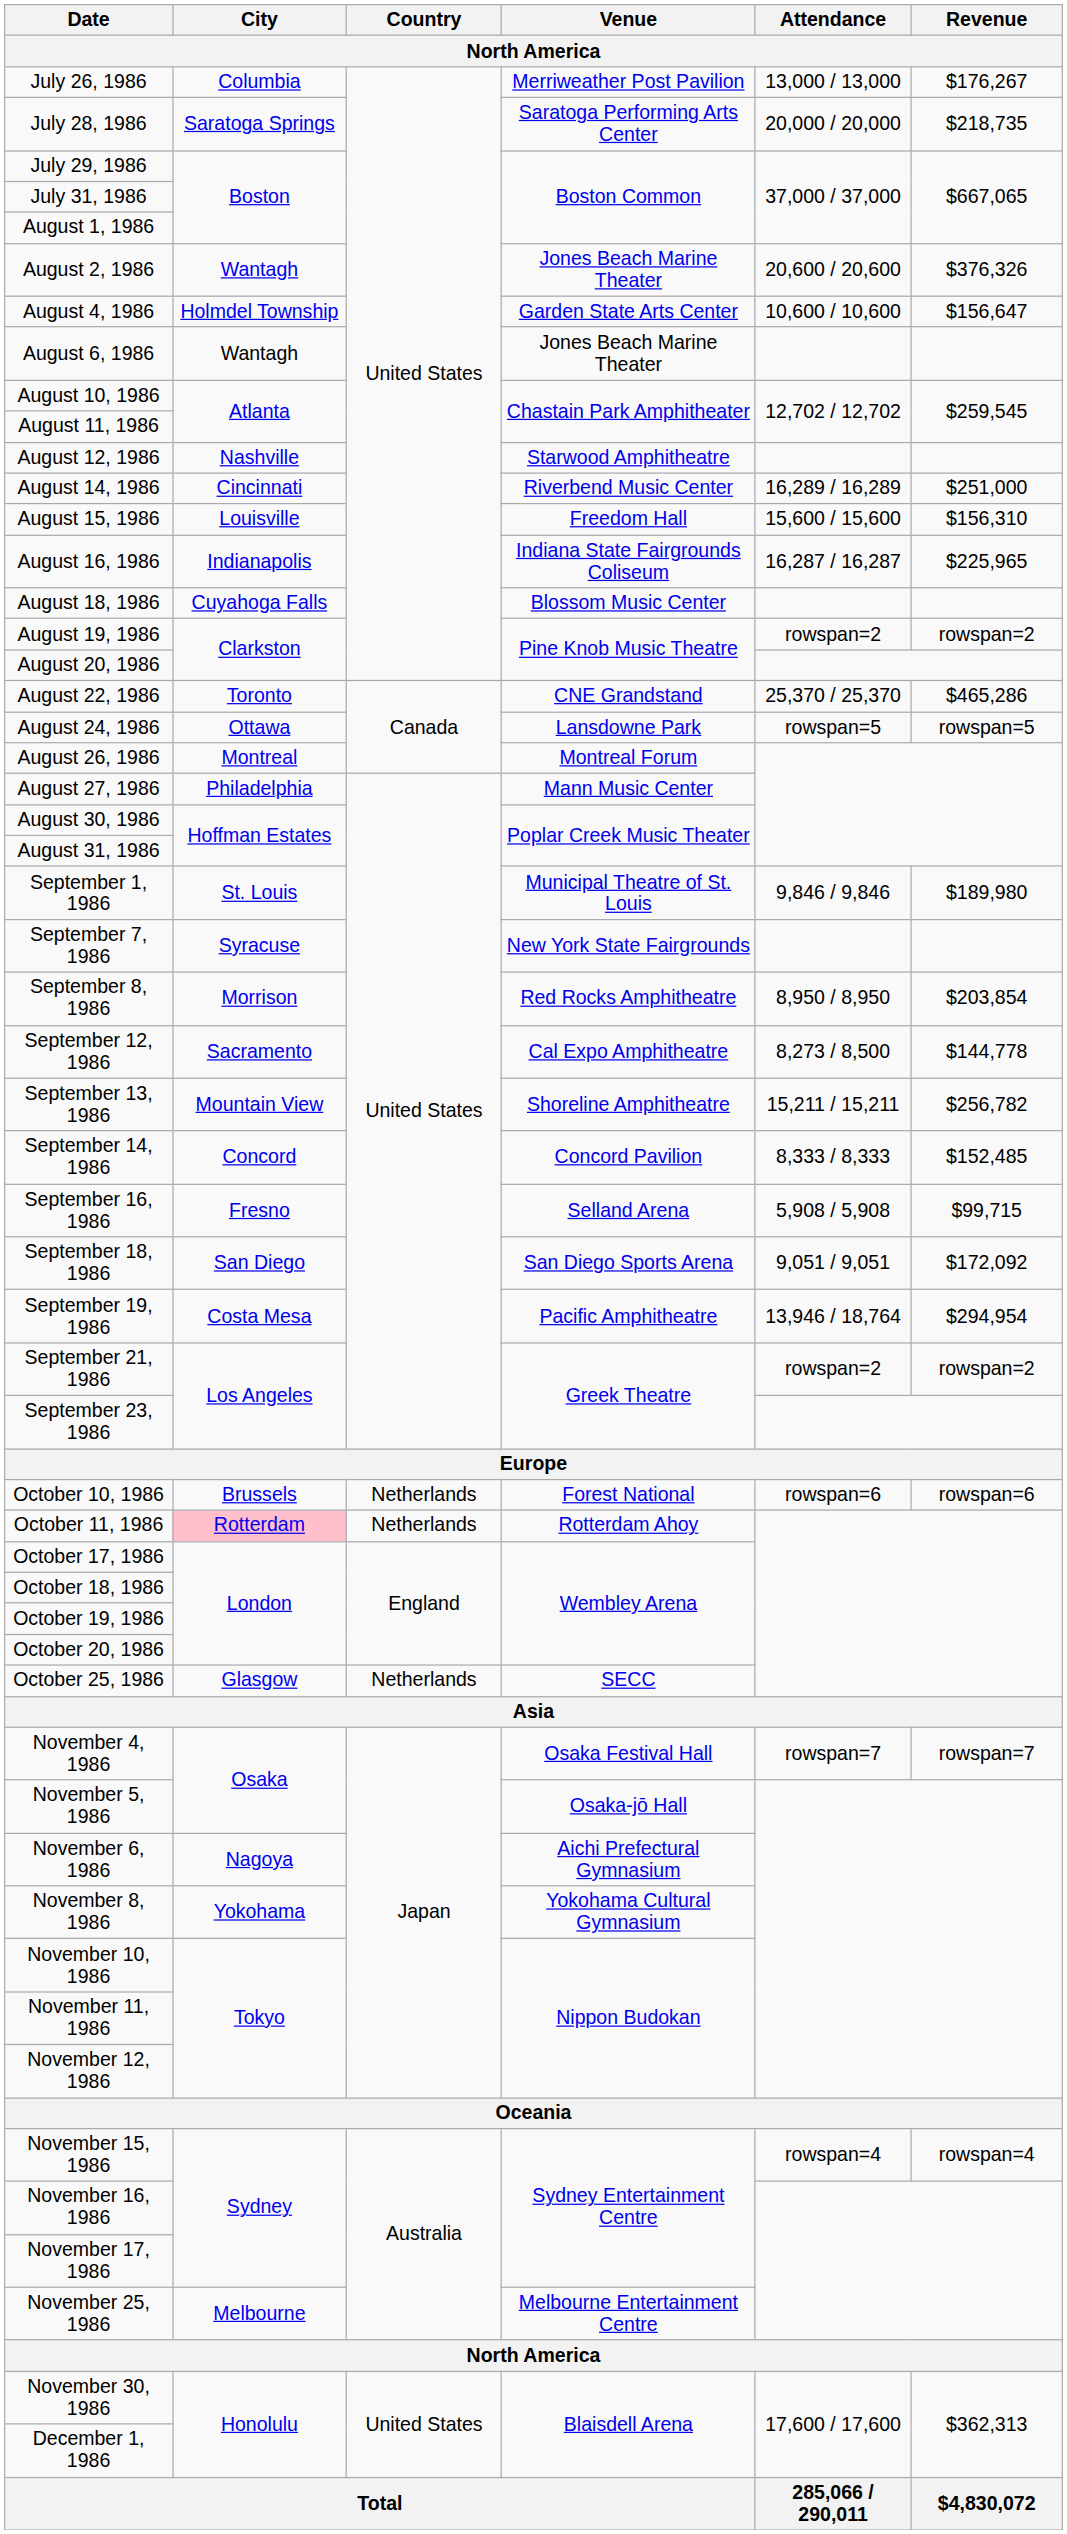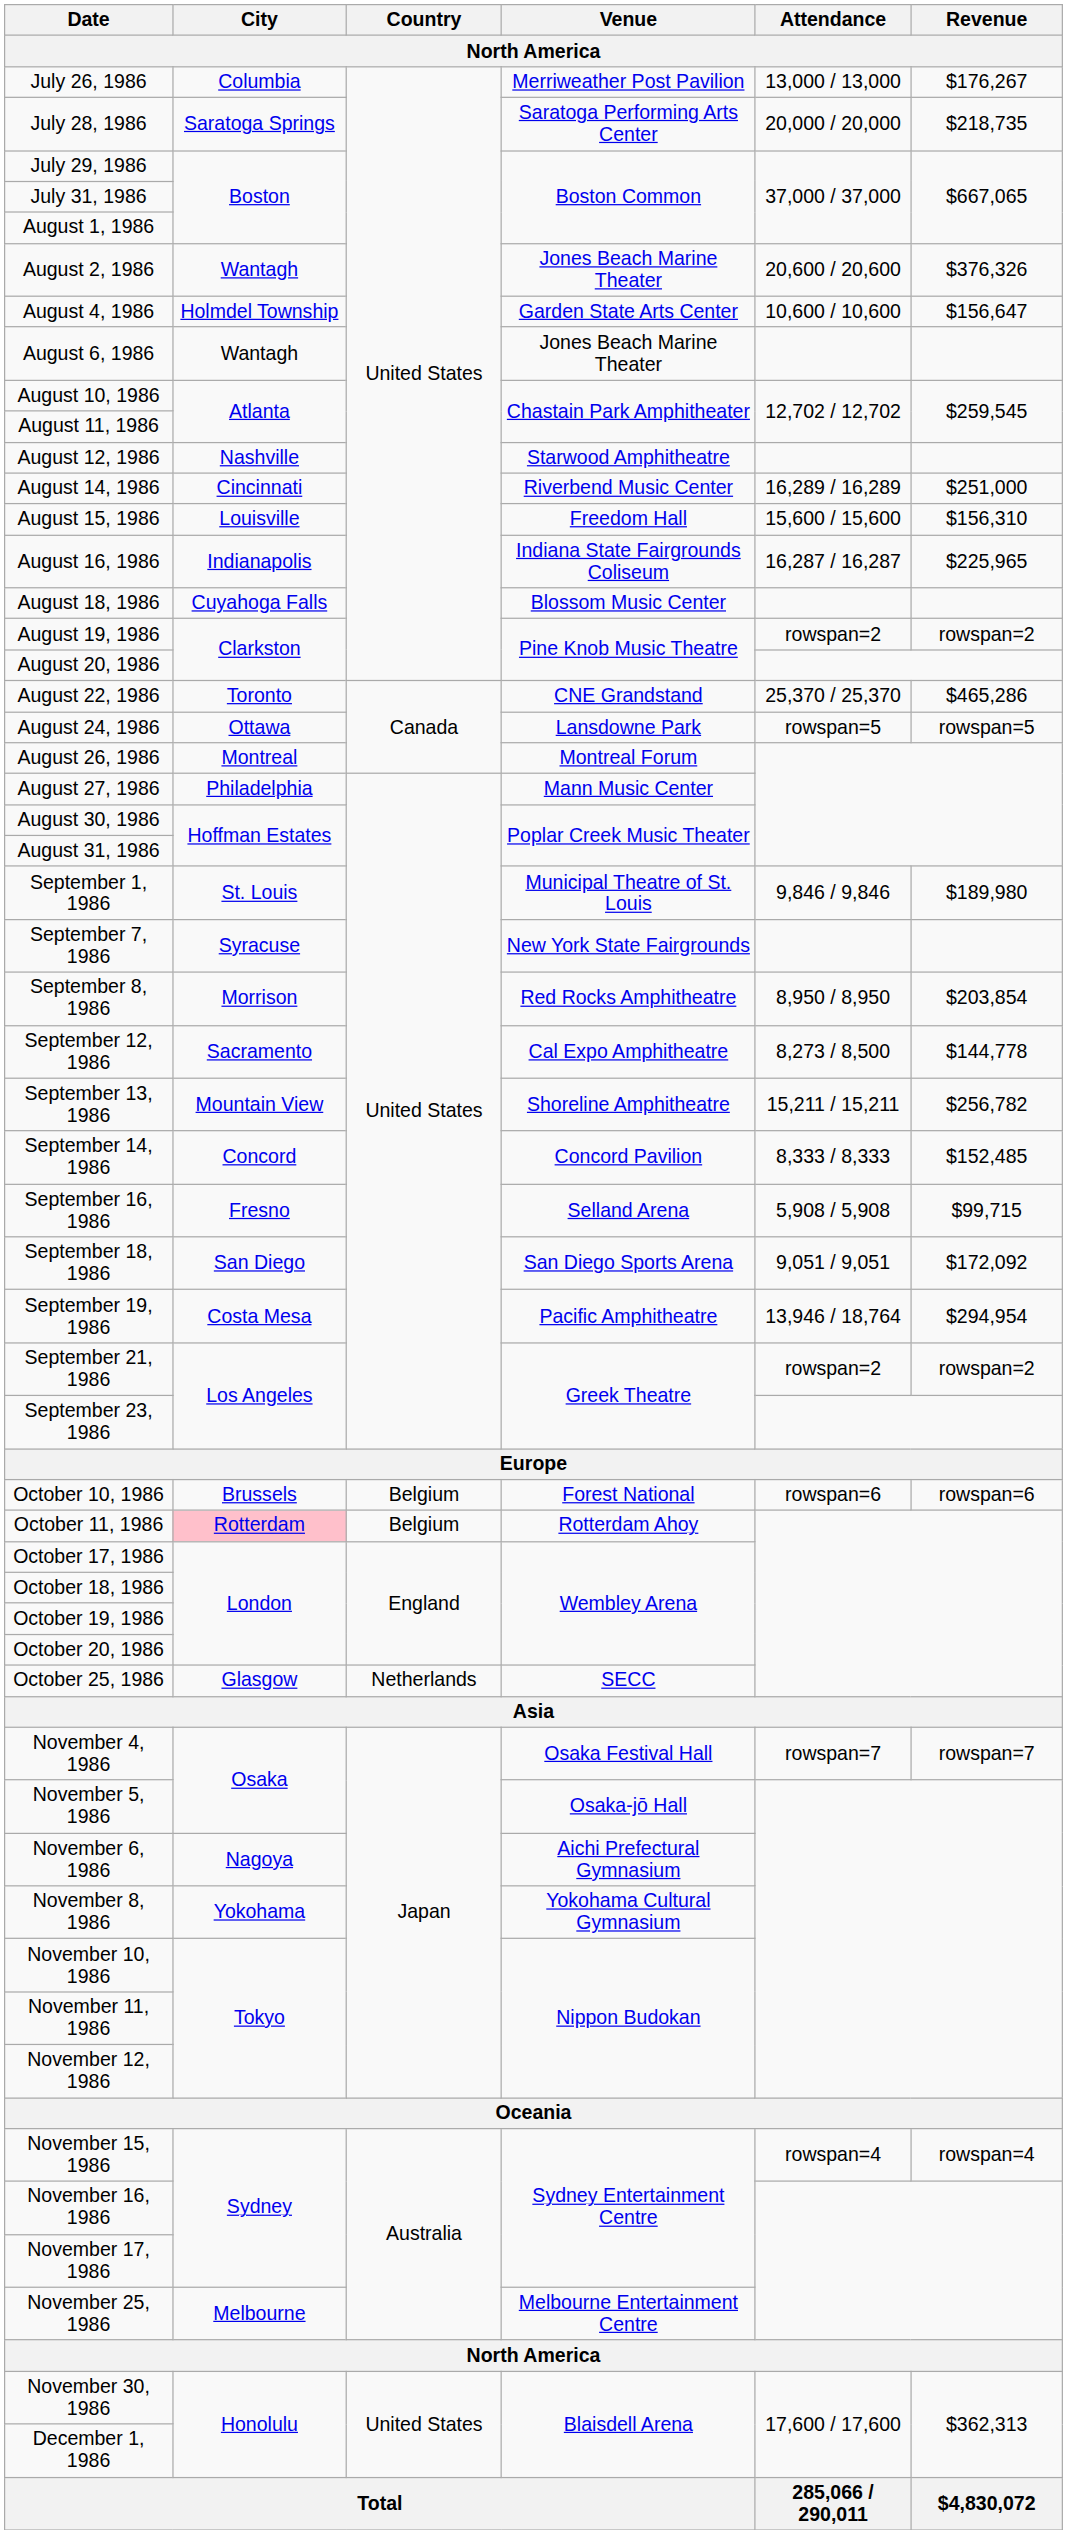 <table class="wikitable" style="text-align:center;">
 <tr>
 <th scope="col" style="width:12em;">Date</th>
 <th scope="col" style="width:12em;">City</th>
 <th scope="col" style="width:10em;">Country</th>
 <th scope="col" style="width:20em;">Venue</th>
 <th scope="col" style="width:10em;">Attendance</th>
 <th scope="col" style="width:10em;">Revenue</th>
 </tr>
 <tr>
 <th colspan="6">North America</th>
 </tr>
 <tr>
 <td>July 26, 1986</td>
 <td><a href='#'>Columbia</a></td>
 <td rowspan="17">United States</td>
 <td><a href='#'>Merriweather Post Pavilion</a></td>
 <td>13,000 / 13,000</td>
 <td>$176,267</td>
 </tr>
 <tr>
 <td>July 28, 1986</td>
 <td><a href='#'>Saratoga Springs</a></td>
 <td><a href='#'>Saratoga Performing Arts Center</a></td>
 <td>20,000 / 20,000</td>
 <td>$218,735</td>
 </tr>
 <tr>
 <td>July 29, 1986</td>
 <td rowspan="3"><a href='#'>Boston</a></td>
 <td rowspan="3"><a href='#'>Boston Common</a></td>
 <td rowspan=3>37,000 / 37,000</td>
 <td rowspan=3>$667,065</td>
 </tr>
 <tr>
 <td>July 31, 1986</td>
 </tr>
 <tr>
 <td>August 1, 1986</td>
 </tr>
 <tr>
 <td>August 2, 1986</td>
 <td><a href='#'>Wantagh</a></td>
 <td><a href='#'>Jones Beach Marine Theater</a></td>
 <td>20,600 / 20,600</td>
 <td>$376,326</td>
 </tr>
 <tr>
 <td>August 4, 1986</td>
 <td><a href='#'>Holmdel Township</a></td>
 <td><a href='#'>Garden State Arts Center</a></td>
 <td>10,600 / 10,600</td>
 <td>$156,647</td>
 </tr>
 <tr>
 <td>August 6, 1986</td>
 <td>Wantagh</td>
 <td>Jones Beach Marine Theater</td>
 <td></td>
 <td></td>
 </tr>
 <tr>
 <td>August 10, 1986</td>
 <td rowspan="2"><a href='#'>Atlanta</a></td>
 <td rowspan="2"><a href='#'>Chastain Park Amphitheater</a></td>
 <td rowspan=2>12,702 / 12,702</td>
 <td rowspan=2>$259,545</td>
 </tr>
 <tr>
 <td>August 11, 1986</td>
 </tr>
 <tr>
 <td>August 12, 1986</td>
 <td><a href='#'>Nashville</a></td>
 <td><a href='#'>Starwood Amphitheatre</a></td>
 <td></td>
 <td></td>
 </tr>
 <tr>
 <td>August 14, 1986</td>
 <td><a href='#'>Cincinnati</a></td>
 <td><a href='#'>Riverbend Music Center</a></td>
 <td>16,289 / 16,289</td>
 <td>$251,000</td>
 </tr>
 <tr>
 <td>August 15, 1986</td>
 <td><a href='#'>Louisville</a></td>
 <td><a href='#'>Freedom Hall</a></td>
 <td>15,600 / 15,600</td>
 <td>$156,310</td>
 </tr>
 <tr>
 <td>August 16, 1986</td>
 <td><a href='#'>Indianapolis</a></td>
 <td><a href='#'>Indiana State Fairgrounds Coliseum</a></td>
 <td>16,287 / 16,287</td>
 <td>$225,965</td>
 </tr>
 <tr>
 <td>August 18, 1986</td>
 <td><a href='#'>Cuyahoga Falls</a></td>
 <td><a href='#'>Blossom Music Center</a></td>
 <td></td>
 <td></td>
 </tr>
 <tr>
 <td>August 19, 1986</td>
 <td rowspan="2"><a href='#'>Clarkston</a></td>
 <td rowspan="2"><a href='#'>Pine Knob Music Theatre</a></td>
 <td>rowspan=2 </td>
 <td>rowspan=2 </td>
 </tr>
 <tr>
 <td>August 20, 1986</td>
 </tr>
 <tr>
 <td>August 22, 1986</td>
 <td><a href='#'>Toronto</a></td>
 <td rowspan="3">Canada</td>
 <td><a href='#'>CNE Grandstand</a></td>
 <td>25,370 / 25,370</td>
 <td>$465,286</td>
 </tr>
 <tr>
 <td>August 24, 1986</td>
 <td><a href='#'>Ottawa</a></td>
 <td><a href='#'>Lansdowne Park</a></td>
 <td>rowspan=5 </td>
 <td>rowspan=5 </td>
 </tr>
 <tr>
 <td>August 26, 1986</td>
 <td><a href='#'>Montreal</a></td>
 <td><a href='#'>Montreal Forum</a></td>
 </tr>
 <tr>
 <td>August 27, 1986</td>
 <td><a href='#'>Philadelphia</a></td>
 <td rowspan="14">United States</td>
 <td><a href='#'>Mann Music Center</a></td>
 </tr>
 <tr>
 <td>August 30, 1986</td>
 <td rowspan="2"><a href='#'>Hoffman Estates</a></td>
 <td rowspan="2"><a href='#'>Poplar Creek Music Theater</a></td>
 </tr>
 <tr>
 <td>August 31, 1986</td>
 </tr>
 <tr>
 <td>September 1, 1986</td>
 <td><a href='#'>St. Louis</a></td>
 <td><a href='#'>Municipal Theatre of St. Louis</a></td>
 <td>9,846 / 9,846</td>
 <td>$189,980</td>
 </tr>
 <tr>
 <td>September 7, 1986</td>
 <td><a href='#'>Syracuse</a></td>
 <td><a href='#'>New York State Fairgrounds</a></td>
 <td></td>
 <td></td>
 </tr>
 <tr>
 <td>September 8, 1986</td>
 <td><a href='#'>Morrison</a></td>
 <td><a href='#'>Red Rocks Amphitheatre</a></td>
 <td>8,950 / 8,950</td>
 <td>$203,854</td>
 </tr>
 <tr>
 <td>September 12, 1986</td>
 <td><a href='#'>Sacramento</a></td>
 <td><a href='#'>Cal Expo Amphitheatre</a></td>
 <td>8,273 / 8,500</td>
 <td>$144,778</td>
 </tr>
 <tr>
 <td>September 13, 1986</td>
 <td><a href='#'>Mountain View</a></td>
 <td><a href='#'>Shoreline Amphitheatre</a></td>
 <td>15,211 / 15,211</td>
 <td>$256,782</td>
 </tr>
 <tr>
 <td>September 14, 1986</td>
 <td><a href='#'>Concord</a></td>
 <td><a href='#'>Concord Pavilion</a></td>
 <td>8,333 / 8,333</td>
 <td>$152,485</td>
 </tr>
 <tr>
 <td>September 16, 1986</td>
 <td><a href='#'>Fresno</a></td>
 <td><a href='#'>Selland Arena</a></td>
 <td>5,908 / 5,908</td>
 <td>$99,715</td>
 </tr>
 <tr>
 <td>September 18, 1986</td>
 <td><a href='#'>San Diego</a></td>
 <td><a href='#'>San Diego Sports Arena</a></td>
 <td>9,051 / 9,051</td>
 <td>$172,092</td>
 </tr>
 <tr>
 <td>September 19, 1986</td>
 <td><a href='#'>Costa Mesa</a></td>
 <td><a href='#'>Pacific Amphitheatre</a></td>
 <td>13,946 / 18,764</td>
 <td>$294,954</td>
 </tr>
 <tr>
 <td>September 21, 1986</td>
 <td rowspan="2"><a href='#'>Los Angeles</a></td>
 <td rowspan="2"><a href='#'>Greek Theatre</a></td>
 <td>rowspan=2 </td>
 <td>rowspan=2 </td>
 </tr>
 <tr>
 <td>September 23, 1986</td>
 </tr>
 <tr>
 <th colspan="7">Europe</th>
 </tr>
 <tr>
 <td>October 10, 1986</td>
 <td><a href='#'>Brussels</a></td>
-<td>Netherlands</td>
+<td>Belgium</td>
 <td><a href='#'>Forest National</a></td>
 <td>rowspan=6 </td>
 <td>rowspan=6 </td>
 </tr>
 <tr>
 <td>October 11, 1986</td>
 <td style="background: pink;"><a href='#'>Rotterdam</a></td>
-<td>Netherlands</td>
+<td>Belgium</td>
 <td><a href='#'>Rotterdam Ahoy</a></td>
 </tr>
 <tr>
 <td>October 17, 1986</td>
 <td rowspan="4"><a href='#'>London</a></td>
 <td rowspan="4">England</td>
 <td rowspan="4"><a href='#'>Wembley Arena</a></td>
 </tr>
 <tr>
 <td>October 18, 1986</td>
 </tr>
 <tr>
 <td>October 19, 1986</td>
 </tr>
 <tr>
 <td>October 20, 1986</td>
 </tr>
 <tr>
 <td>October 25, 1986</td>
 <td><a href='#'>Glasgow</a></td>
 <td>Netherlands</td>
 <td><a href='#'>SECC</a></td>
 </tr>
 <tr>
 <th colspan="6">Asia</th>
 </tr>
 <tr>
 <td>November 4, 1986</td>
 <td rowspan="2"><a href='#'>Osaka</a></td>
 <td rowspan="7">Japan</td>
 <td><a href='#'>Osaka Festival Hall</a></td>
 <td>rowspan=7 </td>
 <td>rowspan=7 </td>
 </tr>
 <tr>
 <td>November 5, 1986</td>
 <td><a href='#'>Osaka-jō Hall</a></td>
 </tr>
 <tr>
 <td>November 6, 1986</td>
 <td><a href='#'>Nagoya</a></td>
 <td><a href='#'>Aichi Prefectural Gymnasium</a></td>
 </tr>
 <tr>
 <td>November 8, 1986</td>
 <td><a href='#'>Yokohama</a></td>
 <td><a href='#'>Yokohama Cultural Gymnasium</a></td>
 </tr>
 <tr>
 <td>November 10, 1986</td>
 <td rowspan="3"><a href='#'>Tokyo</a></td>
 <td rowspan="3"><a href='#'>Nippon Budokan</a></td>
 </tr>
 <tr>
 <td>November 11, 1986</td>
 </tr>
 <tr>
 <td>November 12, 1986</td>
 </tr>
 <tr>
 <th colspan="6">Oceania</th>
 </tr>
 <tr>
 <td>November 15, 1986</td>
 <td rowspan="3"><a href='#'>Sydney</a></td>
 <td rowspan="4">Australia</td>
 <td rowspan="3"><a href='#'>Sydney Entertainment Centre</a></td>
 <td>rowspan=4 </td>
 <td>rowspan=4 </td>
 </tr>
 <tr>
 <td>November 16, 1986</td>
 </tr>
 <tr>
 <td>November 17, 1986</td>
 </tr>
 <tr>
 <td>November 25, 1986</td>
 <td><a href='#'>Melbourne</a></td>
 <td><a href='#'>Melbourne Entertainment Centre</a></td>
 </tr>
 <tr>
 <th colspan="6">North America</th>
 </tr>
 <tr>
 <td>November 30, 1986</td>
 <td rowspan="2"><a href='#'>Honolulu</a></td>
 <td rowspan="2">United States</td>
 <td rowspan="2"><a href='#'>Blaisdell Arena</a></td>
 <td rowspan=2>17,600 / 17,600</td>
 <td rowspan=2>$362,313</td>
 </tr>
 <tr>
 <td>December 1, 1986</td>
 </tr>
 <tr>
 <th colspan="4">Total</th>
 <th>285,066 / 290,011</th>
 <th>$4,830,072</th>
 </tr>
 </table>
